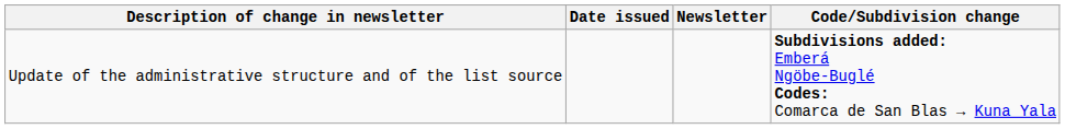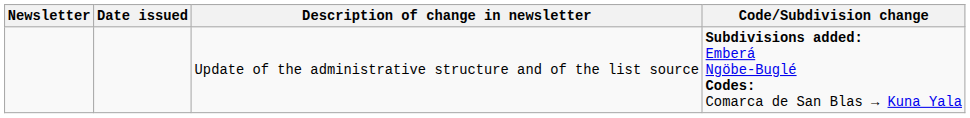 <table class="wikitable">
 <tr>
+<th>Newsletter</th>
+<th>Date issued</th>
 <th>Description of change in newsletter</th>
-<th>Date issued</th>
-<th>Newsletter</th>
 <th>Code/Subdivision change</th>
 </tr>
 <tr>
+<td id="II-2"></td>
+<td></td>
 <td>Update of the administrative structure and of the list source</td>
-<td></td>
-<td id="II-2"></td>
 <td style=white-space:nowrap><strong>Subdivisions added:</strong><br>  <a href='#'>Emberá</a><br>  <a href='#'>Ngöbe-Buglé</a><br> <strong>Codes:</strong><br>  Comarca de San Blas →  <a href='#'>Kuna Yala</a></td>
 </tr>
 </table>
